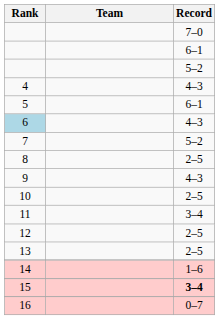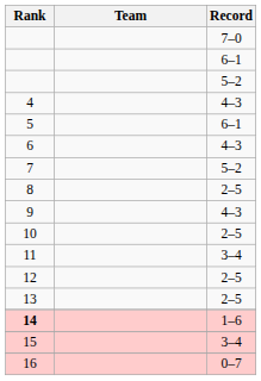 <table class="wikitable" style="text-align: center">
 <tr>
 <th width=50>Rank</th>
 <th width=170>Team</th>
 <th width=50>Record</th>
 </tr>
 <tr>
 <td></td>
 <td align=left></td>
 <td>7–0</td>
 </tr>
 <tr>
 <td></td>
 <td align=left></td>
 <td>6–1</td>
 </tr>
 <tr>
 <td></td>
 <td align=left></td>
 <td>5–2</td>
 </tr>
 <tr>
 <td>4</td>
 <td align=left></td>
 <td>4–3</td>
 </tr>
 <tr>
 <td>5</td>
 <td align=left></td>
 <td>6–1</td>
 </tr>
 <tr>
-<td style="background: lightblue;">6</td>
+<td>6</td>
 <td align=left></td>
 <td>4–3</td>
 </tr>
 <tr>
 <td>7</td>
 <td align=left></td>
 <td>5–2</td>
 </tr>
 <tr>
 <td>8</td>
 <td align=left></td>
 <td>2–5</td>
 </tr>
 <tr>
 <td>9</td>
 <td align=left></td>
 <td>4–3</td>
 </tr>
 <tr>
 <td>10</td>
 <td align=left></td>
 <td>2–5</td>
 </tr>
 <tr>
 <td>11</td>
 <td align=left></td>
 <td>3–4</td>
 </tr>
 <tr>
 <td>12</td>
 <td align=left></td>
 <td>2–5</td>
 </tr>
 <tr>
 <td>13</td>
 <td align=left></td>
 <td>2–5</td>
 </tr>
 <tr>
 </tr>
 <tr bgcolor=#ffcccc>
-<td>14</td>
+<td><strong>14</strong></td>
 <td align=left></td>
 <td>1–6</td>
 </tr>
 <tr>
 </tr>
 <tr bgcolor=#ffcccc>
 <td>15</td>
 <td align=left></td>
-<td><strong>3–4</strong></td>
+<td>3–4</td>
 </tr>
 <tr>
 </tr>
 <tr bgcolor=#ffcccc>
 <td>16</td>
 <td align=left></td>
 <td>0–7</td>
 </tr>
 </table>
